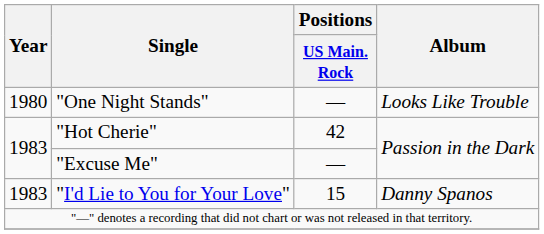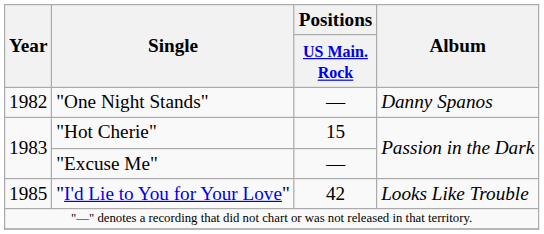 <table class="wikitable">
 <tr>
 <th align="center" rowspan="2">Year</th>
 <th align="center" rowspan="2">Single</th>
 <th align="center" colspan="1">Positions</th>
 <th align="center" rowspan="2">Album</th>
 </tr>
 <tr>
 <th width="40"><small><a href='#'>US Main. Rock</a><br></small></th>
 </tr>
 <tr>
-<td align="center" rowspan="1">1980</td>
+<td align="center" rowspan="1">1982</td>
 <td align="left" valign="top">"One Night Stands"</td>
 <td align="center" valign="top">—</td>
-<td align="left" rowspan="1"><em>Looks Like Trouble</em></td>
+<td align="left" rowspan="1"><em>Danny Spanos</em></td>
 </tr>
 <tr>
 <td align="center" rowspan="2">1983</td>
 <td align="left">"Hot Cherie"</td>
-<td align="center">42</td>
+<td align="center">15</td>
 <td align="left" rowspan="2"><em>Passion in the Dark</em></td>
 </tr>
 <tr>
 <td align="left">"Excuse Me"</td>
 <td align="center">—</td>
 </tr>
 <tr>
-<td align="center" rowspan="1">1983</td>
+<td align="center" rowspan="1">1985</td>
 <td align="left">"<a href='#'>I'd Lie to You for Your Love</a>"</td>
-<td align="center">15</td>
-<td align="left" rowspan="1"><em>Danny Spanos</em></td>
+<td align="center">42</td>
+<td align="left" rowspan="1"><em>Looks Like Trouble</em></td>
 </tr>
 <tr>
 <td align="center" colspan="16" style="font-size: 8pt">"—" denotes a recording that did not chart or was not released in that territory.</td>
 </tr>
 <tr>
 </tr>
 </table>
